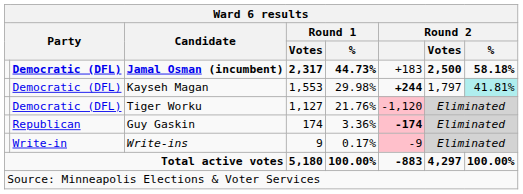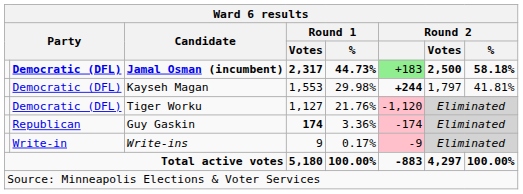 <table class="wikitable">
 <tr>
 <th colspan="8">Ward 6 results</th>
 </tr>
 <tr>
 <th rowspan="2" colspan="2">Party</th>
 <th rowspan="2">Candidate</th>
 <th colspan="2">Round 1</th>
 <th colspan="3">Round 2</th>
 </tr>
 <tr>
 <th>Votes</th>
 <th>%</th>
 <th></th>
 <th>Votes</th>
 <th>%</th>
 </tr>
 <tr>
 <td style="background-color:"></td>
 <td><strong><a href='#'>Democratic (DFL)</a></strong></td>
 <td><strong><a href='#'>Jamal Osman</a> (incumbent)</strong></td>
 <td align="right"><strong>2,317</strong></td>
 <td align="right"><strong>44.73%</strong></td>
-<td align="right">+183</td>
+<td align="right" style="background: lightgreen;">+183</td>
 <td align="right"><strong>2,500</strong></td>
 <td align="right"><strong>58.18%</strong></td>
 </tr>
 <tr>
 <td style="background-color:"></td>
 <td><a href='#'>Democratic (DFL)</a></td>
 <td>Kayseh Magan</td>
 <td align="right">1,553</td>
 <td align="right">29.98%</td>
 <td align="right"><strong>+244</strong></td>
 <td align="right">1,797</td>
-<td align="right" style="background: paleturquoise;">41.81%</td>
+<td align="right">41.81%</td>
 </tr>
 <tr>
 <td style="background-color:"></td>
 <td><a href='#'>Democratic (DFL)</a></td>
 <td>Tiger Worku</td>
 <td align="right">1,127</td>
 <td align="right">21.76%</td>
 <td BGCOLOR=pink align="right">-1,120</td>
 <td colspan=2 bgcolor=lightgray align=center><em>Eliminated</em></td>
 </tr>
 <tr>
 <td style="background-color:"></td>
 <td><a href='#'>Republican</a></td>
 <td>Guy Gaskin</td>
-<td align="right">174</td>
+<td align="right"><strong>174</strong></td>
 <td align="right">3.36%</td>
-<td BGCOLOR=pink align="right"><strong>-174</strong></td>
+<td BGCOLOR=pink align="right">-174</td>
 <td colspan=2 bgcolor=lightgray align=center><em>Eliminated</em></td>
 </tr>
 <tr>
 <td style="background-color:"></td>
 <td><a href='#'>Write-in</a></td>
 <td><em>Write-ins</em></td>
 <td align="right">9</td>
 <td align="right">0.17%</td>
 <td BGCOLOR=pink align="right">-9</td>
 <td colspan=2 bgcolor=lightgray align=center><em>Eliminated</em></td>
 </tr>
 <tr align="right">
 <td colspan="3"><strong>Total active votes</strong></td>
 <td><strong>5,180</strong></td>
 <td><strong>100.00%</strong></td>
 <td><strong>-883</strong></td>
 <td><strong>4,297</strong></td>
 <td><strong>100.00%</strong></td>
 </tr>
 <tr>
 <td colspan="8">Source: Minneapolis Elections & Voter Services</td>
 </tr>
 </table>
